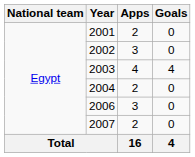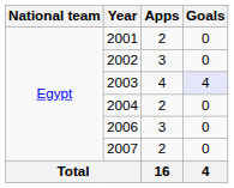 <table class="wikitable" style="text-align: center;">
 <tr>
 <th>National team</th>
 <th>Year</th>
 <th>Apps</th>
 <th>Goals</th>
 </tr>
 <tr>
 <td rowspan="6"><a href='#'>Egypt</a></td>
 <td>2001</td>
 <td>2</td>
 <td>0</td>
 </tr>
 <tr>
 <td>2002</td>
 <td>3</td>
 <td>0</td>
 </tr>
 <tr>
 <td>2003</td>
 <td>4</td>
-<td>4</td>
+<td style="background: lavender;">4</td>
 </tr>
 <tr>
 <td>2004</td>
 <td>2</td>
 <td>0</td>
 </tr>
 <tr>
 <td>2006</td>
 <td>3</td>
 <td>0</td>
 </tr>
 <tr>
 <td>2007</td>
 <td>2</td>
 <td>0</td>
 </tr>
 <tr>
 <th colspan="2">Total</th>
 <th>16</th>
 <th>4</th>
 </tr>
 </table>
